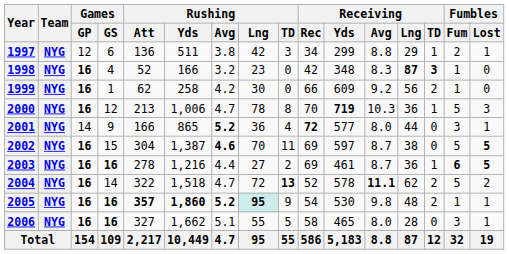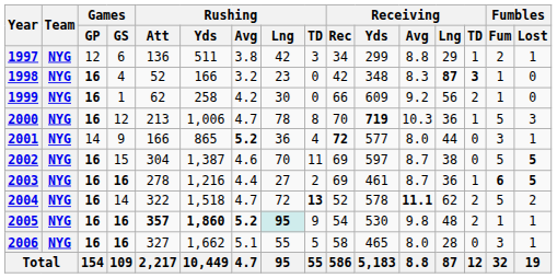 <table class="wikitable" style="text-align:center;">
 <tr>
 <th rowspan="2">Year</th>
 <th rowspan="2">Team</th>
 <th colspan="2">Games</th>
 <th colspan="5">Rushing</th>
 <th colspan="5">Receiving</th>
 <th colspan="2">Fumbles</th>
 </tr>
 <tr>
 <th>GP</th>
 <th>GS</th>
 <th>Att</th>
 <th>Yds</th>
 <th>Avg</th>
 <th>Lng</th>
 <th>TD</th>
 <th>Rec</th>
 <th>Yds</th>
 <th>Avg</th>
 <th>Lng</th>
 <th>TD</th>
 <th>Fum</th>
 <th>Lost</th>
 </tr>
 <tr>
 <th><a href='#'>1997</a></th>
 <th><a href='#'>NYG</a></th>
 <td>12</td>
 <td>6</td>
 <td>136</td>
 <td>511</td>
 <td>3.8</td>
 <td>42</td>
 <td>3</td>
 <td>34</td>
 <td>299</td>
 <td>8.8</td>
 <td>29</td>
 <td>1</td>
 <td>2</td>
 <td>1</td>
 </tr>
 <tr>
 <th><a href='#'>1998</a></th>
 <th><a href='#'>NYG</a></th>
 <td><strong>16</strong></td>
 <td>4</td>
 <td>52</td>
 <td>166</td>
 <td>3.2</td>
 <td>23</td>
 <td>0</td>
 <td>42</td>
 <td>348</td>
 <td>8.3</td>
 <td><strong>87</strong></td>
 <td><strong>3</strong></td>
 <td>1</td>
 <td>0</td>
 </tr>
 <tr>
 <th><a href='#'>1999</a></th>
 <th><a href='#'>NYG</a></th>
 <td><strong>16</strong></td>
 <td>1</td>
 <td>62</td>
 <td>258</td>
 <td>4.2</td>
 <td>30</td>
 <td>0</td>
 <td>66</td>
 <td>609</td>
 <td>9.2</td>
 <td>56</td>
 <td>2</td>
 <td>1</td>
 <td>0</td>
 </tr>
 <tr>
 <th><a href='#'>2000</a></th>
 <th><a href='#'>NYG</a></th>
 <td><strong>16</strong></td>
 <td>12</td>
 <td>213</td>
 <td>1,006</td>
 <td>4.7</td>
 <td>78</td>
 <td>8</td>
 <td>70</td>
 <td><strong>719</strong></td>
 <td>10.3</td>
 <td>36</td>
 <td>1</td>
 <td>5</td>
 <td>3</td>
 </tr>
 <tr>
 <th><a href='#'>2001</a></th>
 <th><a href='#'>NYG</a></th>
 <td>14</td>
 <td>9</td>
 <td>166</td>
 <td>865</td>
 <td><strong>5.2</strong></td>
 <td>36</td>
 <td>4</td>
 <td><strong>72</strong></td>
 <td>577</td>
 <td>8.0</td>
 <td>44</td>
 <td>0</td>
 <td>3</td>
 <td>1</td>
 </tr>
 <tr>
 <th><a href='#'>2002</a></th>
 <th><a href='#'>NYG</a></th>
 <td><strong>16</strong></td>
 <td>15</td>
 <td>304</td>
 <td>1,387</td>
-<td><strong>4.6</strong></td>
+<td>4.6</td>
 <td>70</td>
 <td>11</td>
 <td>69</td>
 <td>597</td>
 <td>8.7</td>
 <td>38</td>
 <td>0</td>
 <td>5</td>
 <td><strong>5</strong></td>
 </tr>
 <tr>
 <th><a href='#'>2003</a></th>
 <th><a href='#'>NYG</a></th>
 <td><strong>16</strong></td>
 <td><strong>16</strong></td>
 <td>278</td>
 <td>1,216</td>
 <td>4.4</td>
 <td>27</td>
 <td>2</td>
 <td>69</td>
 <td>461</td>
 <td>8.7</td>
 <td>36</td>
 <td>1</td>
 <td><strong>6</strong></td>
 <td><strong>5</strong></td>
 </tr>
 <tr>
 <th><a href='#'>2004</a></th>
 <th><a href='#'>NYG</a></th>
 <td><strong>16</strong></td>
 <td>14</td>
 <td>322</td>
 <td>1,518</td>
 <td>4.7</td>
 <td>72</td>
 <td><strong>13</strong></td>
 <td>52</td>
 <td>578</td>
 <td><strong>11.1</strong></td>
 <td>62</td>
 <td>2</td>
 <td>5</td>
 <td>2</td>
 </tr>
 <tr>
 <th><a href='#'>2005</a></th>
 <th><a href='#'>NYG</a></th>
 <td><strong>16</strong></td>
 <td><strong>16</strong></td>
 <td><strong>357</strong></td>
 <td><strong>1,860</strong></td>
 <td><strong>5.2</strong></td>
 <td style="background:#cfecec; width:3em;"><strong>95</strong></td>
 <td>9</td>
 <td>54</td>
 <td>530</td>
 <td>9.8</td>
 <td>48</td>
 <td>2</td>
 <td>1</td>
 <td>1</td>
 </tr>
 <tr>
 <th><a href='#'>2006</a></th>
 <th><a href='#'>NYG</a></th>
 <td><strong>16</strong></td>
 <td><strong>16</strong></td>
 <td>327</td>
 <td>1,662</td>
 <td>5.1</td>
 <td>55</td>
 <td>5</td>
 <td>58</td>
 <td>465</td>
 <td>8.0</td>
 <td>28</td>
 <td>0</td>
 <td>3</td>
 <td>1</td>
 </tr>
 <tr>
 <th colspan="2">Total</th>
 <th>154</th>
 <th>109</th>
 <th>2,217</th>
 <th>10,449</th>
 <th>4.7</th>
 <th>95</th>
 <th>55</th>
 <th>586</th>
 <th>5,183</th>
 <th>8.8</th>
 <th>87</th>
 <th>12</th>
 <th>32</th>
 <th>19</th>
 </tr>
 </table>
